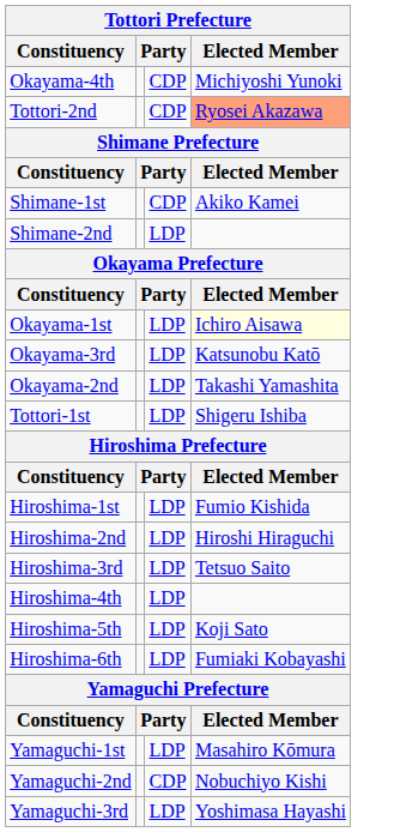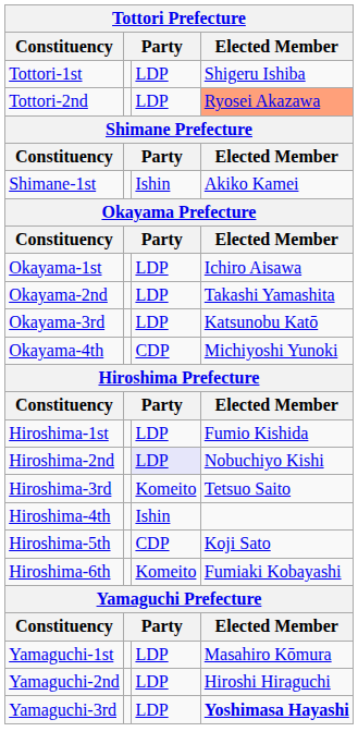 <table class="wikitable">
 <tr>
 <th colspan=4><a href='#'>Tottori Prefecture</a></th>
 </tr>
 <tr>
 <th>Constituency</th>
 <th colspan=2>Party</th>
 <th>Elected Member</th>
 </tr>
 <tr>
-<td><a href='#'>Okayama-4th</a></td>
+<td><a href='#'>Tottori-1st</a></td>
 <td style="background:"></td>
-<td><a href='#'>CDP</a></td>
-<td><a href='#'>Michiyoshi Yunoki</a></td>
+<td><a href='#'>LDP</a></td>
+<td><a href='#'>Shigeru Ishiba</a></td>
 </tr>
 <tr>
 <td><a href='#'>Tottori-2nd</a></td>
 <td style="background:"></td>
-<td><a href='#'>CDP</a></td>
+<td><a href='#'>LDP</a></td>
 <td style="background: lightsalmon;"><a href='#'>Ryosei Akazawa</a></td>
 </tr>
 <tr>
 <th colspan=4><a href='#'>Shimane Prefecture</a></th>
 </tr>
 <tr>
 <th>Constituency</th>
 <th colspan=2>Party</th>
 <th>Elected Member</th>
 </tr>
 <tr>
 <td><a href='#'>Shimane-1st</a></td>
 <td style="background:"></td>
-<td><a href='#'>CDP</a></td>
+<td><a href='#'>Ishin</a></td>
 <td><a href='#'>Akiko Kamei</a></td>
-</tr>
-<tr>
-<td><a href='#'>Shimane-2nd</a></td>
-<td style="background:"></td>
-<td><a href='#'>LDP</a></td>
-<td></td>
 </tr>
 <tr>
 <th colspan=4><a href='#'>Okayama Prefecture</a></th>
 </tr>
 <tr>
 <th>Constituency</th>
 <th colspan=2>Party</th>
 <th>Elected Member</th>
 </tr>
 <tr>
 <td><a href='#'>Okayama-1st</a></td>
 <td style="background:"></td>
 <td><a href='#'>LDP</a></td>
-<td style="background: lightyellow;"><a href='#'>Ichiro Aisawa</a></td>
+<td><a href='#'>Ichiro Aisawa</a></td>
+</tr>
+<tr>
+<td><a href='#'>Okayama-2nd</a></td>
+<td style="background:"></td>
+<td><a href='#'>LDP</a></td>
+<td><a href='#'>Takashi Yamashita</a></td>
 </tr>
 <tr>
 <td><a href='#'>Okayama-3rd</a></td>
 <td style="background:"></td>
 <td><a href='#'>LDP</a></td>
 <td><a href='#'>Katsunobu Katō</a></td>
 </tr>
 <tr>
-<td><a href='#'>Okayama-2nd</a></td>
+<td><a href='#'>Okayama-4th</a></td>
 <td style="background:"></td>
-<td><a href='#'>LDP</a></td>
-<td><a href='#'>Takashi Yamashita</a></td>
-</tr>
-<tr>
-<td><a href='#'>Tottori-1st</a></td>
-<td style="background:"></td>
-<td><a href='#'>LDP</a></td>
-<td><a href='#'>Shigeru Ishiba</a></td>
+<td><a href='#'>CDP</a></td>
+<td><a href='#'>Michiyoshi Yunoki</a></td>
 </tr>
 <tr>
 <th colspan=4><a href='#'>Hiroshima Prefecture</a></th>
 </tr>
 <tr>
 <th>Constituency</th>
 <th colspan=2>Party</th>
 <th>Elected Member</th>
 </tr>
 <tr>
 <td><a href='#'>Hiroshima-1st</a></td>
 <td style="background:"></td>
 <td><a href='#'>LDP</a></td>
 <td><a href='#'>Fumio Kishida</a></td>
 </tr>
 <tr>
 <td><a href='#'>Hiroshima-2nd</a></td>
 <td style="background:"></td>
-<td><a href='#'>LDP</a></td>
-<td><a href='#'>Hiroshi Hiraguchi</a></td>
+<td style="background: lavender;"><a href='#'>LDP</a></td>
+<td><a href='#'>Nobuchiyo Kishi</a></td>
 </tr>
 <tr>
 <td><a href='#'>Hiroshima-3rd</a></td>
 <td style="background:"></td>
-<td><a href='#'>LDP</a></td>
+<td><a href='#'>Komeito</a></td>
 <td><a href='#'>Tetsuo Saito</a></td>
 </tr>
 <tr>
 <td><a href='#'>Hiroshima-4th</a></td>
 <td style="background:"></td>
-<td><a href='#'>LDP</a></td>
+<td><a href='#'>Ishin</a></td>
 <td></td>
 </tr>
 <tr>
 <td><a href='#'>Hiroshima-5th</a></td>
 <td style="background:"></td>
-<td><a href='#'>LDP</a></td>
+<td><a href='#'>CDP</a></td>
 <td><a href='#'>Koji Sato</a></td>
 </tr>
 <tr>
 <td><a href='#'>Hiroshima-6th</a></td>
 <td style="background:"></td>
-<td><a href='#'>LDP</a></td>
+<td><a href='#'>Komeito</a></td>
 <td><a href='#'>Fumiaki Kobayashi</a></td>
 </tr>
 <tr>
 <th colspan=4><a href='#'>Yamaguchi Prefecture</a></th>
 </tr>
 <tr>
 <th>Constituency</th>
 <th colspan=2>Party</th>
 <th>Elected Member</th>
 </tr>
 <tr>
 <td><a href='#'>Yamaguchi-1st</a></td>
 <td style="background:"></td>
 <td><a href='#'>LDP</a></td>
 <td><a href='#'>Masahiro Kōmura</a></td>
 </tr>
 <tr>
 <td><a href='#'>Yamaguchi-2nd</a></td>
 <td style="background:"></td>
-<td><a href='#'>CDP</a></td>
-<td><a href='#'>Nobuchiyo Kishi</a></td>
+<td><a href='#'>LDP</a></td>
+<td><a href='#'>Hiroshi Hiraguchi</a></td>
 </tr>
 <tr>
 <td><a href='#'>Yamaguchi-3rd</a></td>
 <td style="background:"></td>
 <td><a href='#'>LDP</a></td>
-<td><a href='#'>Yoshimasa Hayashi</a></td>
+<td><strong><a href='#'>Yoshimasa Hayashi</a></strong></td>
 </tr>
 </table>
